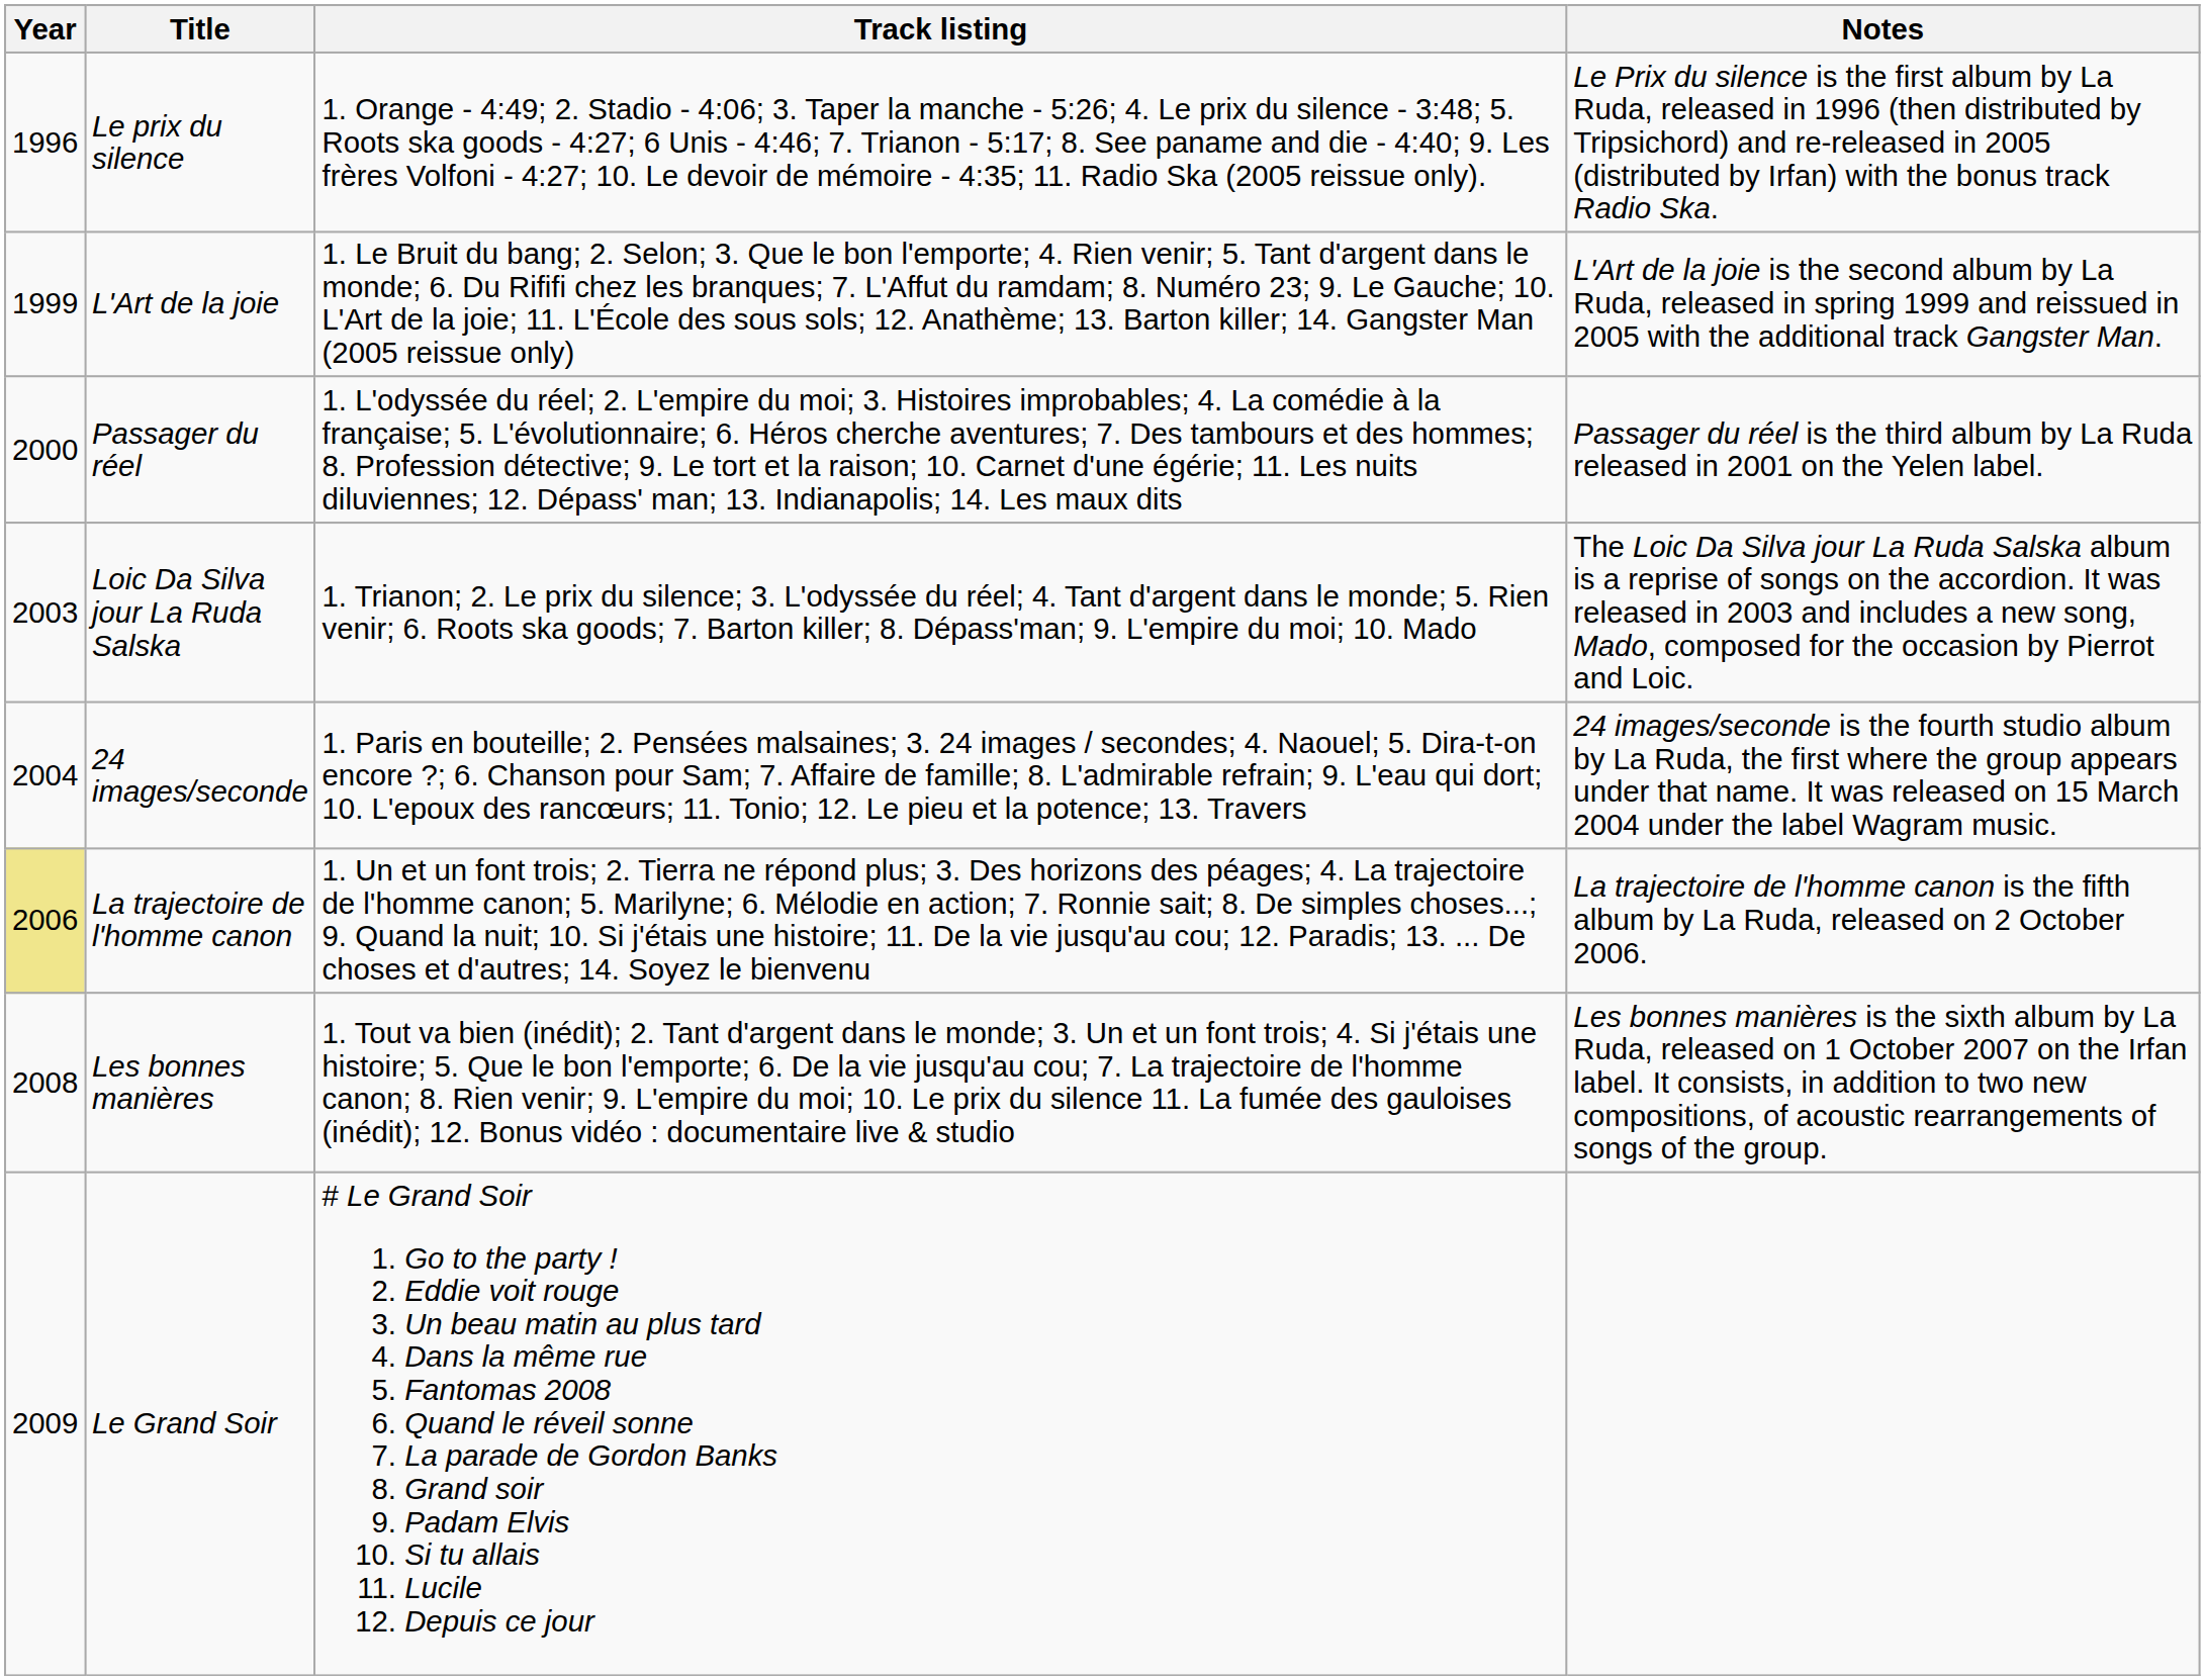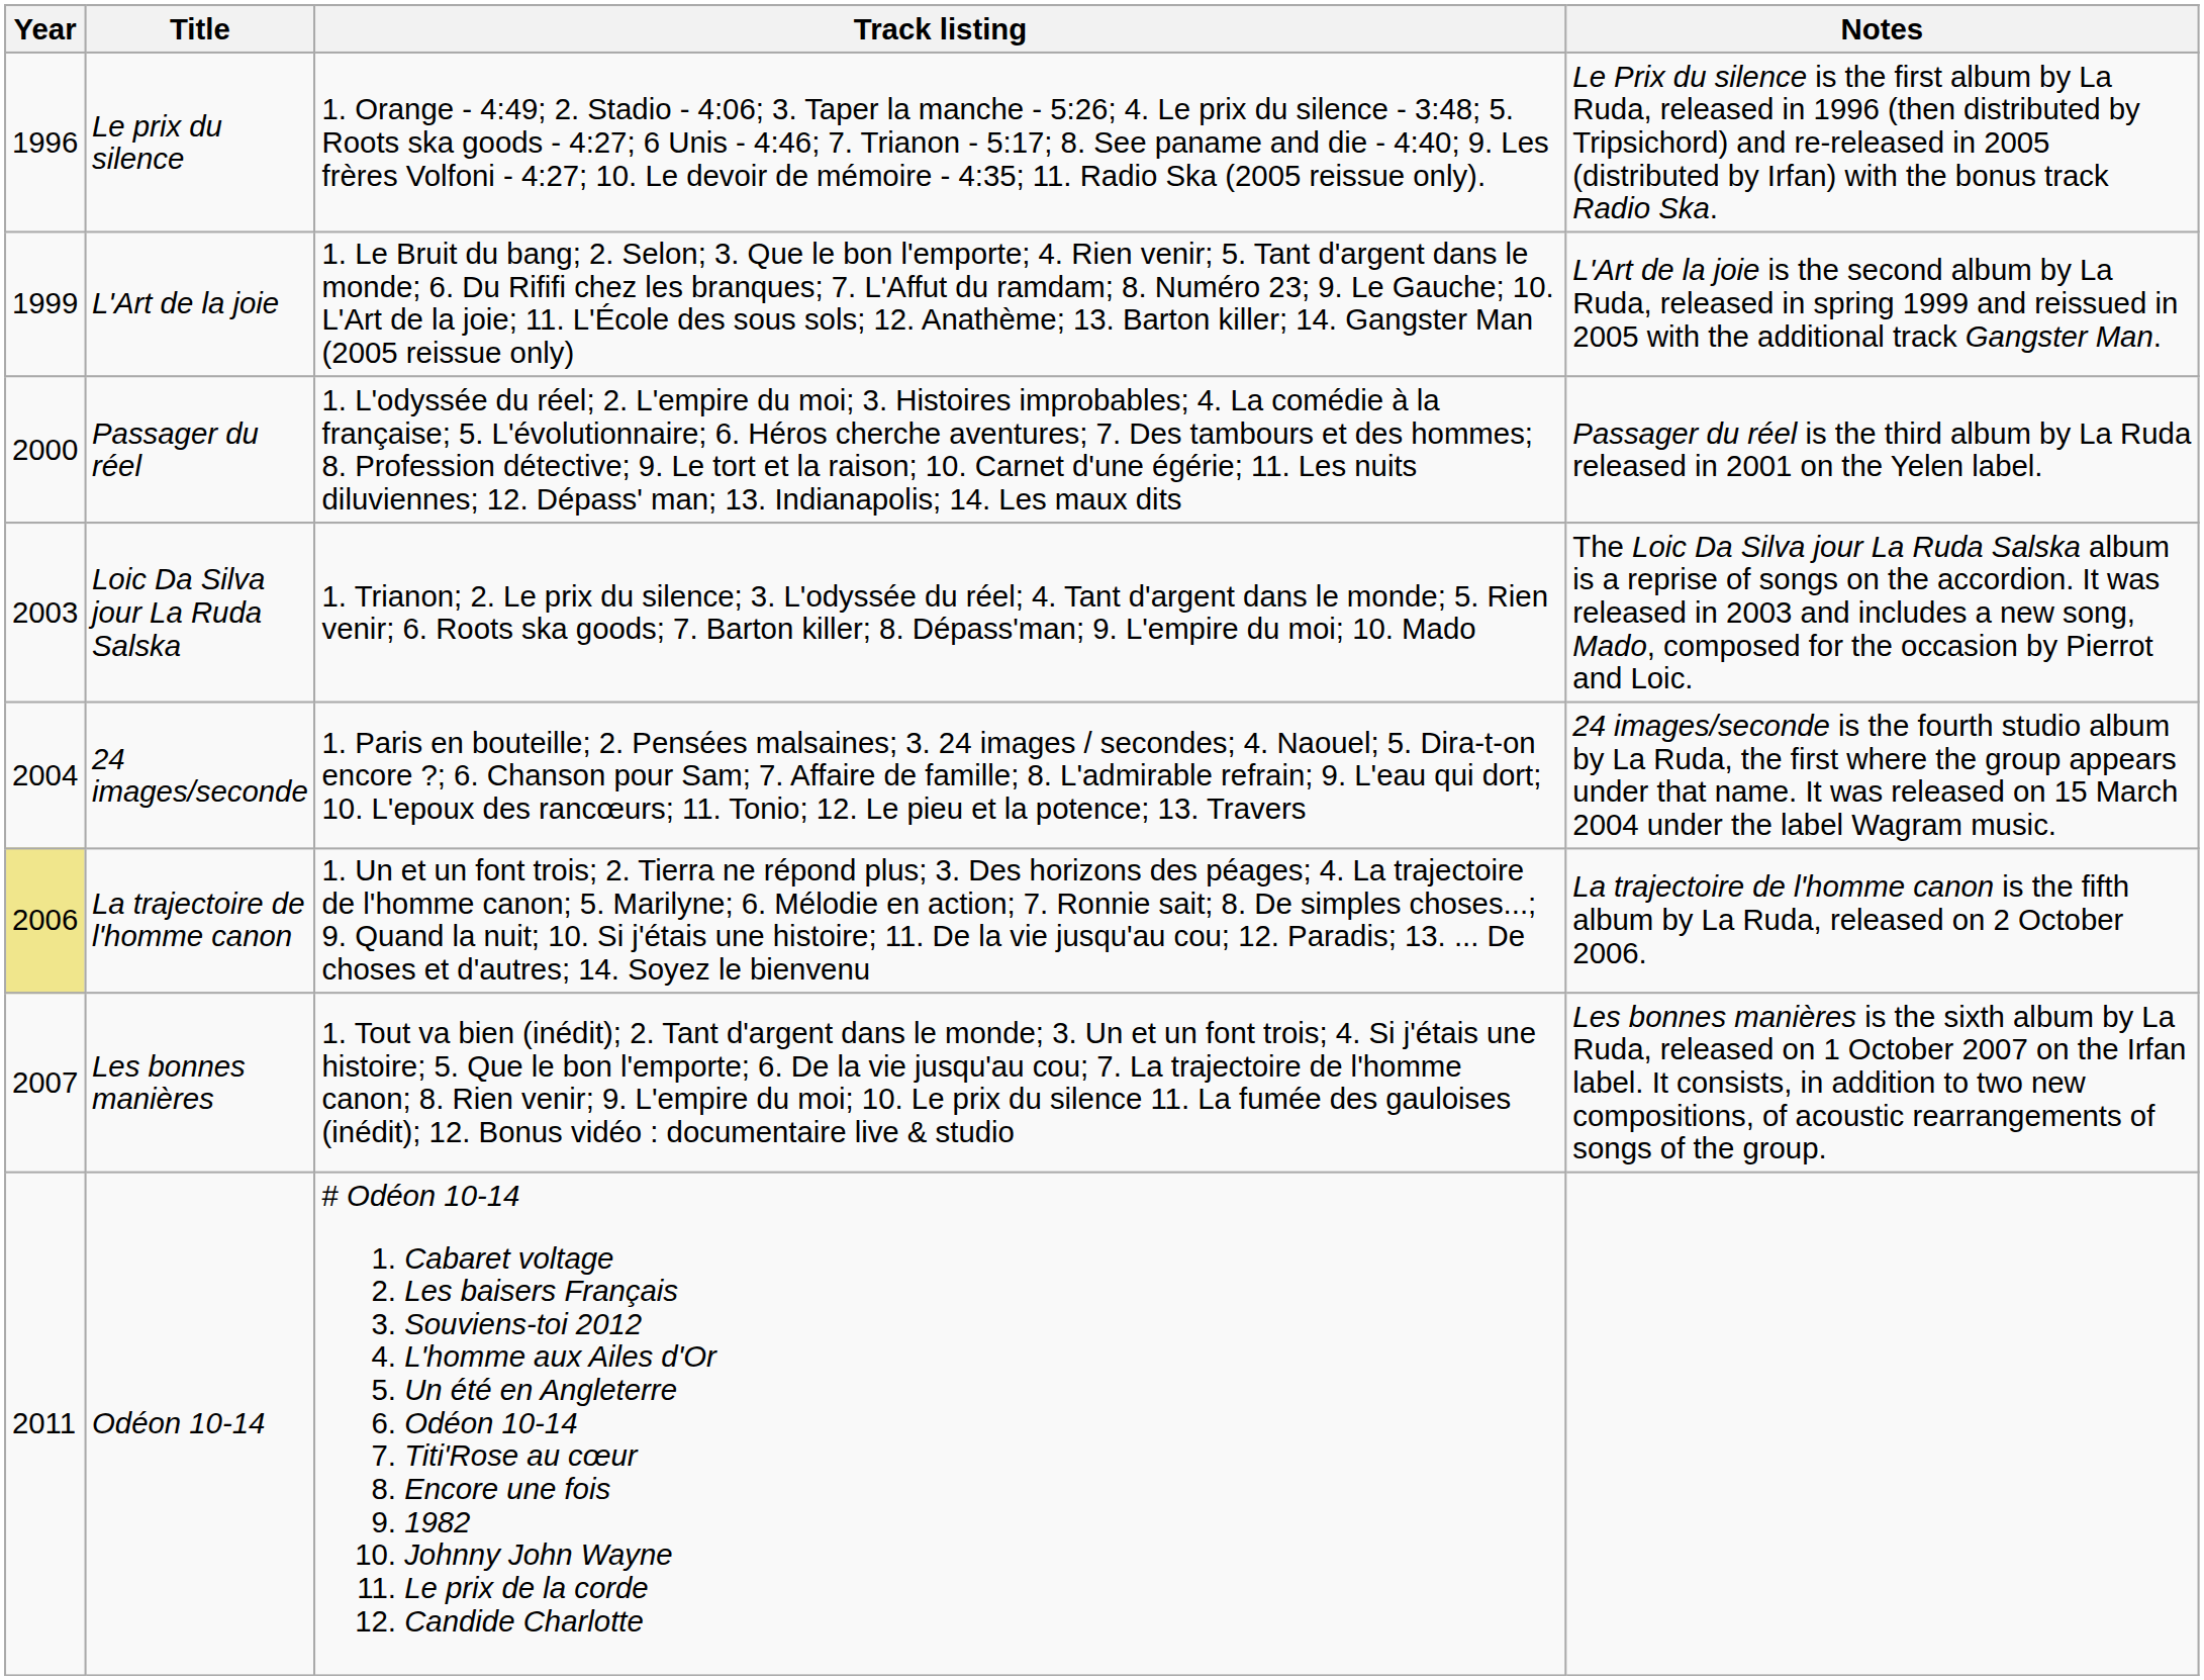 <table class="wikitable" style="font-size: 90%; text-align: left;">
 <tr>
 <th style="width:30px">Year</th>
 <th style="width:100px">Title</th>
 <th style="width:600px">Track listing</th>
 <th style="width:300px">Notes</th>
 </tr>
 <tr>
 <td>1996</td>
 <td><em>Le prix du silence</em></td>
 <td>1. Orange - 4:49; 2. Stadio - 4:06; 3. Taper la manche - 5:26; 4. Le prix du silence - 3:48; 5. Roots ska goods - 4:27; 6 Unis - 4:46; 7. Trianon - 5:17; 8. See paname and die - 4:40; 9. Les frères Volfoni - 4:27; 10. Le devoir de mémoire - 4:35; 11. Radio Ska  (2005 reissue only).</td>
 <td><em>Le Prix du silence</em> is the first album by La Ruda, released in 1996 (then distributed by Tripsichord) and re-released in 2005 (distributed by Irfan) with the bonus track <em>Radio Ska</em>.</td>
 </tr>
 <tr>
 <td>1999</td>
 <td><em>L'Art de la joie</em></td>
 <td>1. Le Bruit du bang; 2. Selon; 3. Que le bon l'emporte; 4. Rien venir; 5. Tant d'argent dans le monde; 6. Du Rififi chez les branques; 7. L'Affut du ramdam; 8. Numéro 23; 9. Le Gauche; 10. L'Art de la joie; 11. L'École des sous sols;   12. Anathème; 13. Barton killer; 14. Gangster Man (2005 reissue only)</td>
 <td><em>L'Art de la joie</em> is the second album by La Ruda, released in spring 1999 and reissued in 2005 with the additional track <em>Gangster Man</em>.</td>
 </tr>
 <tr>
 <td>2000</td>
 <td><em>Passager du réel</em></td>
 <td>1. L'odyssée du réel; 2. L'empire du moi; 3. Histoires improbables; 4. La comédie à la française; 5. L'évolutionnaire; 6. Héros cherche aventures; 7. Des tambours et des hommes; 8. Profession détective; 9. Le tort et la raison; 10. Carnet d'une égérie; 11. Les nuits diluviennes; 12. Dépass' man; 13. Indianapolis; 14. Les maux dits</td>
 <td><em>Passager du réel</em> is the third album by La Ruda released in 2001 on the Yelen label.</td>
 </tr>
 <tr>
 <td>2003</td>
 <td><em>Loic Da Silva jour La Ruda Salska</em></td>
 <td>1. Trianon; 2. Le prix du silence; 3. L'odyssée du réel; 4. Tant d'argent dans le monde; 5. Rien venir; 6. Roots ska goods; 7. Barton killer; 8. Dépass'man; 9. L'empire du moi; 10. Mado</td>
 <td>The <em>Loic Da Silva jour La Ruda Salska</em> album is a reprise of songs on the accordion. It was released in 2003 and includes a new song, <em>Mado</em>, composed for the occasion by Pierrot and Loic.</td>
 </tr>
 <tr>
 <td>2004</td>
 <td><em>24 images/seconde</em></td>
 <td>1. Paris en bouteille; 2. Pensées malsaines; 3. 24 images / secondes; 4. Naouel; 5. Dira-t-on encore ?; 6. Chanson pour Sam; 7. Affaire de famille; 8. L'admirable refrain; 9. L'eau qui dort; 10. L'epoux des rancœurs; 11. Tonio; 12. Le pieu et la potence; 13. Travers</td>
 <td><em>24 images/seconde</em> is the fourth studio album by La Ruda, the first where the group appears under that name. It was released on 15 March 2004 under the label Wagram music.</td>
 </tr>
 <tr>
 <td style="background: khaki;">2006</td>
 <td><em>La trajectoire de l'homme canon</em></td>
 <td>1. Un et un font trois; 2. Tierra ne répond plus; 3. Des horizons des péages; 4. La trajectoire de l'homme canon; 5. Marilyne; 6. Mélodie en action; 7. Ronnie sait; 8. De simples choses...; 9. Quand la nuit; 10. Si j'étais une histoire; 11. De la vie jusqu'au cou; 12. Paradis; 13. ... De choses et d'autres; 14. Soyez le bienvenu</td>
 <td><em>La trajectoire de l'homme canon</em> is the fifth album by La Ruda, released on 2 October 2006.</td>
 </tr>
 <tr>
-<td>2008</td>
+<td>2007</td>
 <td><em>Les bonnes manières</em></td>
 <td>1. Tout va bien (inédit); 2. Tant d'argent dans le monde; 3. Un et un font trois; 4. Si j'étais une histoire; 5. Que le bon l'emporte; 6. De la vie jusqu'au cou; 7. La trajectoire de l'homme canon; 8. Rien venir; 9. L'empire du moi; 10. Le prix du silence 11. La fumée des gauloises (inédit); 12. Bonus vidéo : documentaire live & studio</td>
 <td><em>Les bonnes manières</em> is the sixth album by La Ruda, released on 1 October 2007 on the Irfan label. It consists, in addition to two new compositions, of acoustic rearrangements of songs of the group.</td>
 </tr>
 <tr>
-<td>2009</td>
-<td><em>Le Grand Soir</em></td>
-<td>#  <em>Le Grand Soir</em><br><ol><li><em> Go to the party ! </em></li><li><em>Eddie voit rouge </em></li><li><em>Un beau matin au plus tard</em></li><li><em>Dans la même rue </em></li><li><em>Fantomas 2008 </em></li><li><em>Quand le réveil sonne </em></li><li><em>La parade de Gordon Banks</em></li><li><em>Grand soir </em></li><li><em>Padam Elvis </em></li><li><em>Si tu allais </em></li><li><em>Lucile </em></li><li><em>Depuis ce jour</em></li></ol></td>
+<td>2011</td>
+<td><em>Odéon 10-14</em></td>
+<td>#  <em>Odéon 10-14</em><br><ol><li><em>Cabaret voltage</em></li><li><em>Les baisers Français</em></li><li><em>Souviens-toi 2012</em></li><li><em>L'homme aux Ailes d'Or</em></li><li><em>Un été en Angleterre</em></li><li><em>Odéon 10-14</em></li><li><em>Titi'Rose au cœur</em></li><li><em>Encore une fois</em></li><li><em>1982</em></li><li><em>Johnny John Wayne</em></li><li><em>Le prix de la corde</em></li><li><em>Candide Charlotte</em></li></ol></td>
 <td></td>
 </tr>
 </table>
